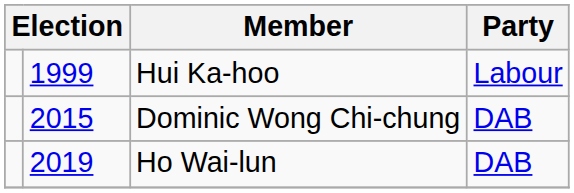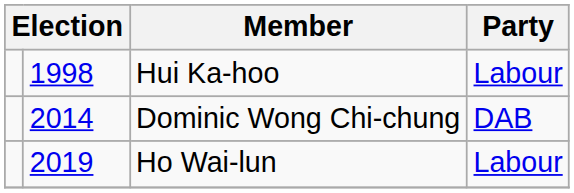 <table class="wikitable">
 <tr>
 <th colspan="2">Election</th>
 <th>Member</th>
 <th>Party</th>
 </tr>
 <tr>
 <td style="background-color: "></td>
-<td><a href='#'>1999</a></td>
+<td><a href='#'>1998</a></td>
 <td>Hui Ka-hoo</td>
 <td><a href='#'>Labour</a></td>
 </tr>
 <tr>
 <td style="background-color: "></td>
-<td><a href='#'>2015</a></td>
+<td><a href='#'>2014</a></td>
 <td>Dominic Wong Chi-chung</td>
 <td><a href='#'>DAB</a></td>
 </tr>
 <tr>
 <td style="background-color: "></td>
 <td><a href='#'>2019</a></td>
 <td>Ho Wai-lun</td>
-<td><a href='#'>DAB</a></td>
+<td><a href='#'>Labour</a></td>
 </tr>
 <tr>
 </tr>
 </table>
